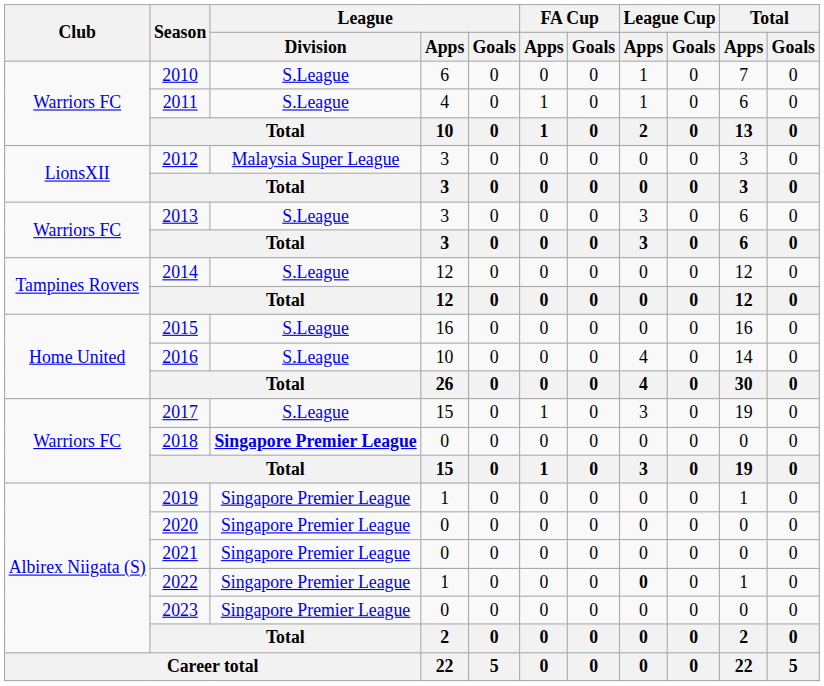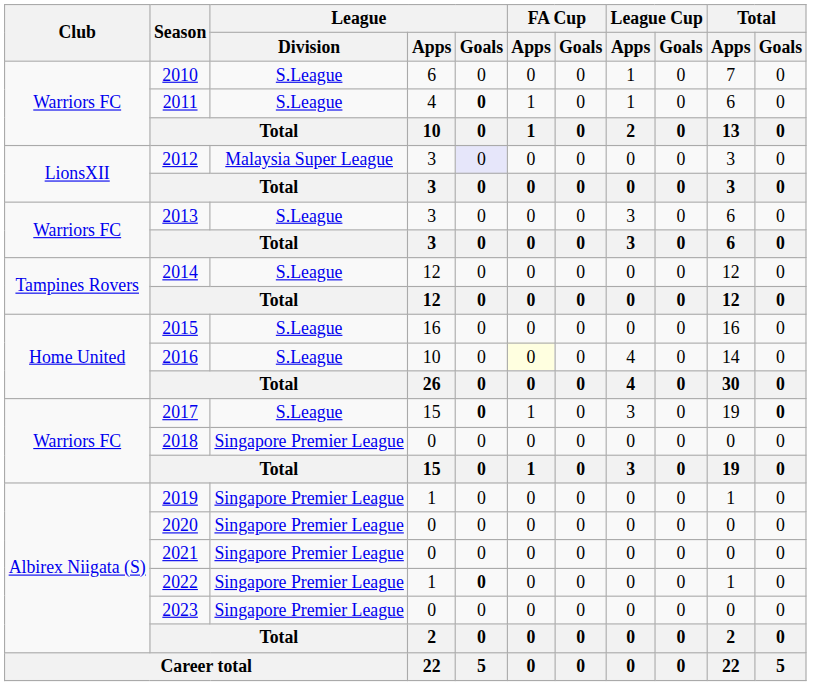 <table class="wikitable" style="text-align: center">
 <tr>
 <th rowspan="2">Club</th>
 <th rowspan="2">Season</th>
 <th colspan="3">League</th>
 <th colspan="2">FA Cup</th>
 <th colspan="2">League Cup</th>
 <th colspan="2">Total</th>
 </tr>
 <tr>
 <th>Division</th>
 <th>Apps</th>
 <th>Goals</th>
 <th>Apps</th>
 <th>Goals</th>
 <th>Apps</th>
 <th>Goals</th>
 <th>Apps</th>
 <th>Goals</th>
 </tr>
 <tr>
 <td rowspan="3"><a href='#'>Warriors FC</a></td>
 <td><a href='#'>2010</a></td>
 <td><a href='#'>S.League</a></td>
 <td>6</td>
 <td>0</td>
 <td>0</td>
 <td>0</td>
 <td>1</td>
 <td>0</td>
 <td>7</td>
 <td>0</td>
 </tr>
 <tr>
 <td><a href='#'>2011</a></td>
 <td><a href='#'>S.League</a></td>
 <td>4</td>
-<td>0</td>
+<td><strong>0</strong></td>
 <td>1</td>
 <td>0</td>
 <td>1</td>
 <td>0</td>
 <td>6</td>
 <td>0</td>
 </tr>
 <tr>
 <th colspan=2>Total</th>
 <th>10</th>
 <th>0</th>
 <th>1</th>
 <th>0</th>
 <th>2</th>
 <th>0</th>
 <th>13</th>
 <th>0</th>
 </tr>
 <tr>
 <td rowspan="2"><a href='#'>LionsXII</a></td>
 <td><a href='#'>2012</a></td>
 <td><a href='#'>Malaysia Super League</a></td>
 <td>3</td>
-<td>0</td>
+<td style="background: lavender;">0</td>
 <td>0</td>
 <td>0</td>
 <td>0</td>
 <td>0</td>
 <td>3</td>
 <td>0</td>
 </tr>
 <tr>
 <th colspan=2>Total</th>
 <th>3</th>
 <th>0</th>
 <th>0</th>
 <th>0</th>
 <th>0</th>
 <th>0</th>
 <th>3</th>
 <th>0</th>
 </tr>
 <tr>
 <td rowspan="2"><a href='#'>Warriors FC</a></td>
 <td><a href='#'>2013</a></td>
 <td><a href='#'>S.League</a></td>
 <td>3</td>
 <td>0</td>
 <td>0</td>
 <td>0</td>
 <td>3</td>
 <td>0</td>
 <td>6</td>
 <td>0</td>
 </tr>
 <tr>
 <th colspan=2>Total</th>
 <th>3</th>
 <th>0</th>
 <th>0</th>
 <th>0</th>
 <th>3</th>
 <th>0</th>
 <th>6</th>
 <th>0</th>
 </tr>
 <tr>
 <td rowspan="2"><a href='#'>Tampines Rovers</a></td>
 <td><a href='#'>2014</a></td>
 <td><a href='#'>S.League</a></td>
 <td>12</td>
 <td>0</td>
 <td>0</td>
 <td>0</td>
 <td>0</td>
 <td>0</td>
 <td>12</td>
 <td>0</td>
 </tr>
 <tr>
 <th colspan=2>Total</th>
 <th>12</th>
 <th>0</th>
 <th>0</th>
 <th>0</th>
 <th>0</th>
 <th>0</th>
 <th>12</th>
 <th>0</th>
 </tr>
 <tr>
 <td rowspan="3"><a href='#'>Home United</a></td>
 <td><a href='#'>2015</a></td>
 <td><a href='#'>S.League</a></td>
 <td>16</td>
 <td>0</td>
 <td>0</td>
 <td>0</td>
 <td>0</td>
 <td>0</td>
 <td>16</td>
 <td>0</td>
 </tr>
 <tr>
 <td><a href='#'>2016</a></td>
 <td><a href='#'>S.League</a></td>
 <td>10</td>
 <td>0</td>
-<td>0</td>
+<td style="background: lightyellow;">0</td>
 <td>0</td>
 <td>4</td>
 <td>0</td>
 <td>14</td>
 <td>0</td>
 </tr>
 <tr>
 <th colspan=2>Total</th>
 <th>26</th>
 <th>0</th>
 <th>0</th>
 <th>0</th>
 <th>4</th>
 <th>0</th>
 <th>30</th>
 <th>0</th>
 </tr>
 <tr>
 <td rowspan="3"><a href='#'>Warriors FC</a></td>
 <td><a href='#'>2017</a></td>
 <td><a href='#'>S.League</a></td>
 <td>15</td>
-<td>0</td>
+<td><strong>0</strong></td>
 <td>1</td>
 <td>0</td>
 <td>3</td>
 <td>0</td>
 <td>19</td>
-<td>0</td>
+<td><strong>0</strong></td>
 </tr>
 <tr>
 <td><a href='#'>2018</a></td>
-<td><strong><a href='#'>Singapore Premier League</a></strong></td>
+<td><a href='#'>Singapore Premier League</a></td>
 <td>0</td>
 <td>0</td>
 <td>0</td>
 <td>0</td>
 <td>0</td>
 <td>0</td>
 <td>0</td>
 <td>0</td>
 </tr>
 <tr>
 <th colspan=2>Total</th>
 <th>15</th>
 <th>0</th>
 <th>1</th>
 <th>0</th>
 <th>3</th>
 <th>0</th>
 <th>19</th>
 <th>0</th>
 </tr>
 <tr>
 <td rowspan="6"><a href='#'>Albirex Niigata (S)</a></td>
 <td><a href='#'>2019</a></td>
 <td><a href='#'>Singapore Premier League</a></td>
 <td>1</td>
 <td>0</td>
 <td>0</td>
 <td>0</td>
 <td>0</td>
 <td>0</td>
 <td>1</td>
 <td>0</td>
 </tr>
 <tr>
 <td><a href='#'>2020</a></td>
 <td><a href='#'>Singapore Premier League</a></td>
 <td>0</td>
 <td>0</td>
 <td>0</td>
 <td>0</td>
 <td>0</td>
 <td>0</td>
 <td>0</td>
 <td>0</td>
 </tr>
 <tr>
 <td><a href='#'>2021</a></td>
 <td><a href='#'>Singapore Premier League</a></td>
 <td>0</td>
 <td>0</td>
 <td>0</td>
 <td>0</td>
 <td>0</td>
 <td>0</td>
 <td>0</td>
 <td>0</td>
 </tr>
 <tr>
 <td><a href='#'>2022</a></td>
 <td><a href='#'>Singapore Premier League</a></td>
 <td>1</td>
+<td><strong>0</strong></td>
 <td>0</td>
 <td>0</td>
 <td>0</td>
-<td><strong>0</strong></td>
 <td>0</td>
 <td>1</td>
 <td>0</td>
 </tr>
 <tr>
 <td><a href='#'>2023</a></td>
 <td><a href='#'>Singapore Premier League</a></td>
 <td>0</td>
 <td>0</td>
 <td>0</td>
 <td>0</td>
 <td>0</td>
 <td>0</td>
 <td>0</td>
 <td>0</td>
 </tr>
 <tr>
 <th colspan=2>Total</th>
 <th>2</th>
 <th>0</th>
 <th>0</th>
 <th>0</th>
 <th>0</th>
 <th>0</th>
 <th>2</th>
 <th>0</th>
 </tr>
 <tr>
 <th colspan=3>Career total</th>
 <th>22</th>
 <th>5</th>
 <th>0</th>
 <th>0</th>
 <th>0</th>
 <th>0</th>
 <th>22</th>
 <th>5</th>
 </tr>
 </table>
